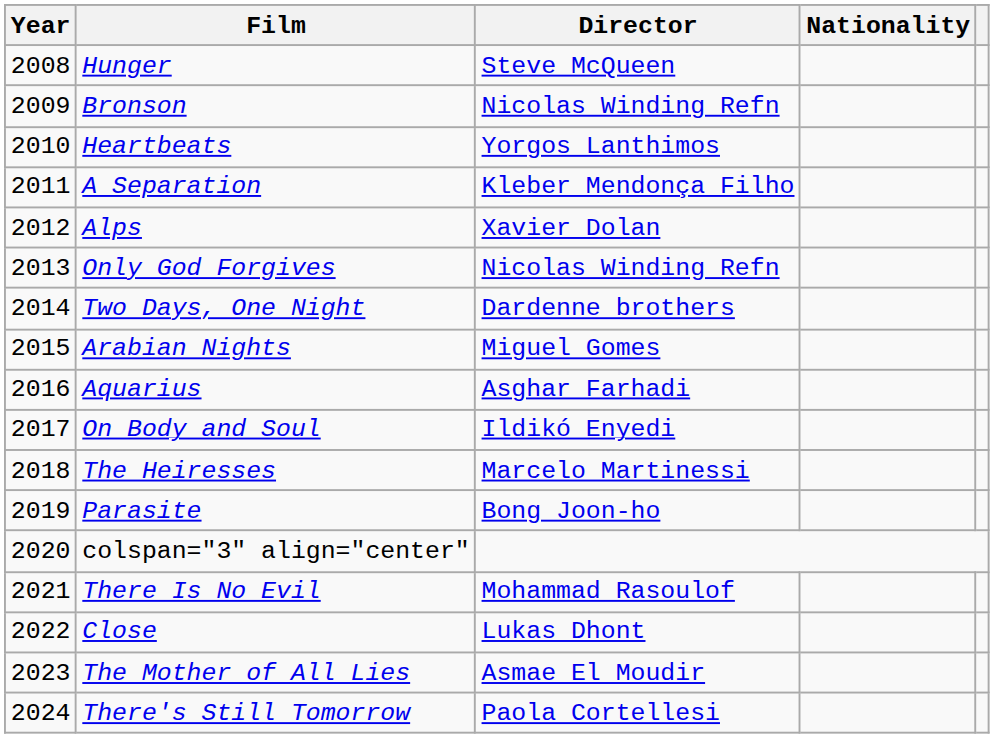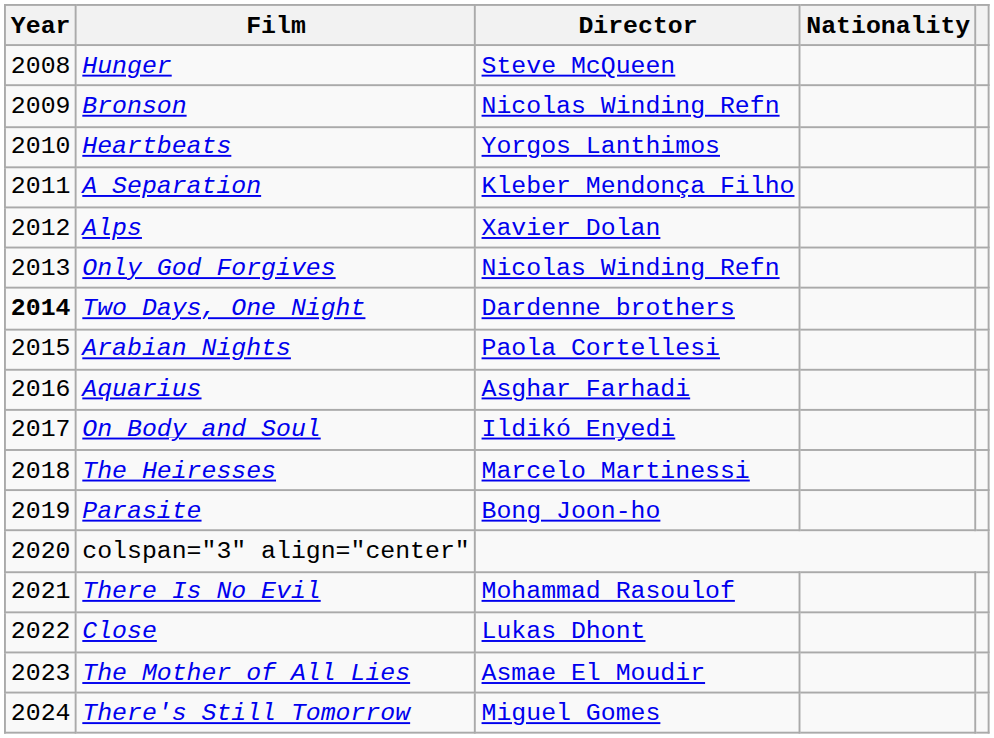 <table class="wikitable">
 <tr>
 <th>Year</th>
 <th>Film</th>
 <th>Director</th>
 <th>Nationality</th>
 <th></th>
 </tr>
 <tr>
 <td>2008</td>
 <td><em><a href='#'>Hunger</a></em></td>
 <td><a href='#'>Steve McQueen</a></td>
 <td></td>
 <td></td>
 </tr>
 <tr>
 <td>2009</td>
 <td><em><a href='#'>Bronson</a></em></td>
 <td><a href='#'>Nicolas Winding Refn</a></td>
 <td></td>
 <td></td>
 </tr>
 <tr>
 <td>2010</td>
 <td><em><a href='#'>Heartbeats</a></em></td>
 <td><a href='#'>Yorgos Lanthimos</a></td>
 <td></td>
 <td></td>
 </tr>
 <tr>
 <td>2011</td>
 <td><em><a href='#'>A Separation</a></em></td>
 <td><a href='#'>Kleber Mendonça Filho</a></td>
 <td></td>
 <td></td>
 </tr>
 <tr>
 <td>2012</td>
 <td><em><a href='#'>Alps</a></em></td>
 <td><a href='#'>Xavier Dolan</a></td>
 <td></td>
 <td></td>
 </tr>
 <tr>
 <td>2013</td>
 <td><em><a href='#'>Only God Forgives</a></em></td>
 <td><a href='#'>Nicolas Winding Refn</a></td>
 <td></td>
 <td></td>
 </tr>
 <tr>
-<td>2014</td>
+<td><strong>2014</strong></td>
 <td><em><a href='#'>Two Days, One Night</a></em></td>
 <td><a href='#'>Dardenne brothers</a></td>
 <td></td>
 <td></td>
 </tr>
 <tr>
 <td>2015</td>
 <td><em><a href='#'>Arabian Nights</a></em></td>
-<td><a href='#'>Miguel Gomes</a></td>
+<td><a href='#'>Paola Cortellesi</a></td>
 <td></td>
 <td></td>
 </tr>
 <tr>
 <td>2016</td>
 <td><em><a href='#'>Aquarius</a></em></td>
 <td><a href='#'>Asghar Farhadi</a></td>
 <td></td>
 <td></td>
 </tr>
 <tr>
 <td>2017</td>
 <td><em><a href='#'>On Body and Soul</a></em></td>
 <td><a href='#'>Ildikó Enyedi</a></td>
 <td></td>
 <td></td>
 </tr>
 <tr>
 <td>2018</td>
 <td><em><a href='#'>The Heiresses</a></em></td>
 <td><a href='#'>Marcelo Martinessi</a></td>
 <td></td>
 <td></td>
 </tr>
 <tr>
 <td>2019</td>
 <td><em><a href='#'>Parasite</a></em></td>
 <td><a href='#'>Bong Joon-ho</a></td>
 <td></td>
 <td></td>
 </tr>
 <tr>
 <td>2020</td>
 <td>colspan="3" align="center" </td>
 </tr>
 <tr>
 <td>2021</td>
 <td><em><a href='#'>There Is No Evil</a></em></td>
 <td><a href='#'>Mohammad Rasoulof</a></td>
 <td></td>
 <td></td>
 </tr>
 <tr>
 <td>2022</td>
 <td><em><a href='#'>Close</a></em></td>
 <td><a href='#'>Lukas Dhont</a></td>
 <td></td>
 <td></td>
 </tr>
 <tr>
 <td>2023</td>
 <td><em><a href='#'>The Mother of All Lies</a></em></td>
 <td><a href='#'>Asmae El Moudir</a></td>
 <td></td>
 <td></td>
 </tr>
 <tr>
 <td>2024</td>
 <td><em><a href='#'>There's Still Tomorrow</a></em></td>
-<td><a href='#'>Paola Cortellesi</a></td>
+<td><a href='#'>Miguel Gomes</a></td>
 <td></td>
 <td></td>
 </tr>
 </table>
